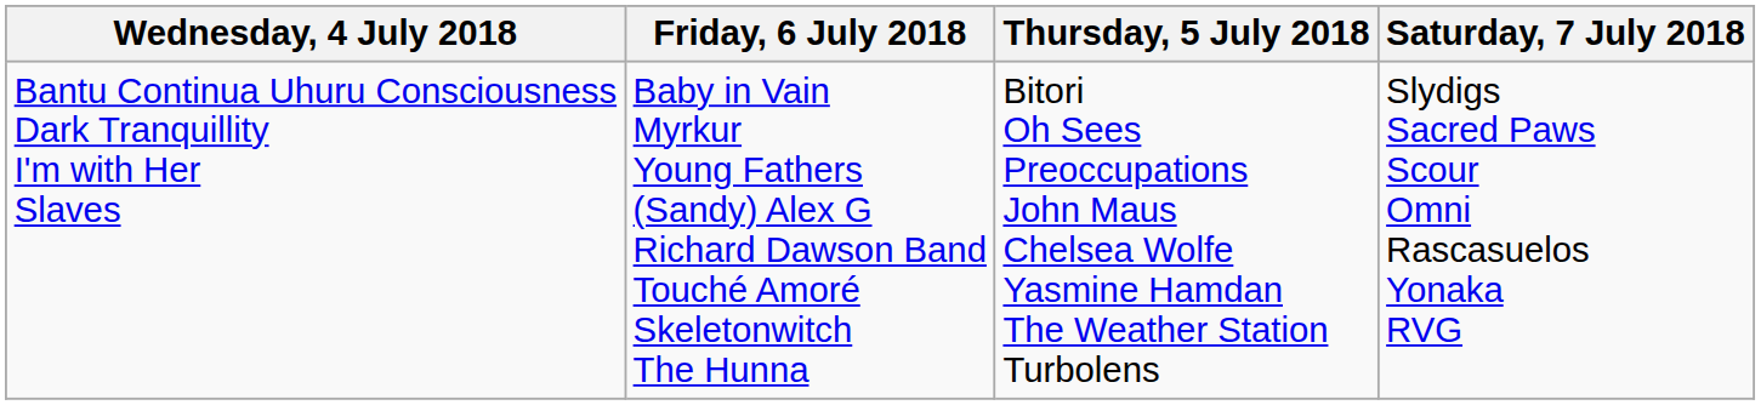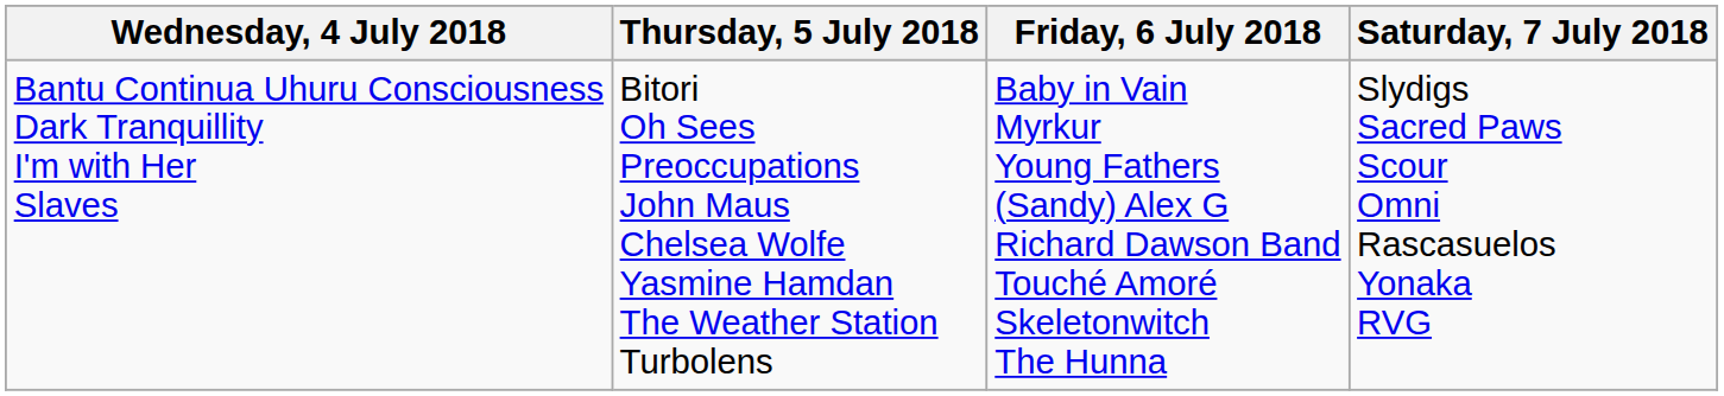 <table class="wikitable">
 <tr>
 <th>Wednesday, 4 July 2018</th>
+<th>Thursday, 5 July 2018</th>
 <th>Friday, 6 July 2018</th>
-<th>Thursday, 5 July 2018</th>
 <th>Saturday, 7 July 2018</th>
 </tr>
 <tr valign="top">
 <td><a href='#'>Bantu Continua Uhuru Consciousness</a><br><a href='#'>Dark Tranquillity</a><br><a href='#'>I'm with Her</a><br><a href='#'>Slaves</a></td>
+<td>Bitori<br><a href='#'>Oh Sees</a><br><a href='#'>Preoccupations</a><br><a href='#'>John Maus</a><br><a href='#'>Chelsea Wolfe</a><br><a href='#'>Yasmine Hamdan</a><br><a href='#'>The Weather Station</a><br>Turbolens</td>
 <td><a href='#'>Baby in Vain</a><br><a href='#'>Myrkur</a><br><a href='#'>Young Fathers</a><br><a href='#'>(Sandy) Alex G</a><br><a href='#'>Richard Dawson Band</a><br><a href='#'>Touché Amoré</a><br><a href='#'>Skeletonwitch</a><br><a href='#'>The Hunna</a></td>
-<td>Bitori<br><a href='#'>Oh Sees</a><br><a href='#'>Preoccupations</a><br><a href='#'>John Maus</a><br><a href='#'>Chelsea Wolfe</a><br><a href='#'>Yasmine Hamdan</a><br><a href='#'>The Weather Station</a><br>Turbolens</td>
 <td>Slydigs<br><a href='#'>Sacred Paws</a><br><a href='#'>Scour</a><br><a href='#'>Omni</a><br>Rascasuelos<br><a href='#'>Yonaka</a><br><a href='#'>RVG</a></td>
 </tr>
 </table>
